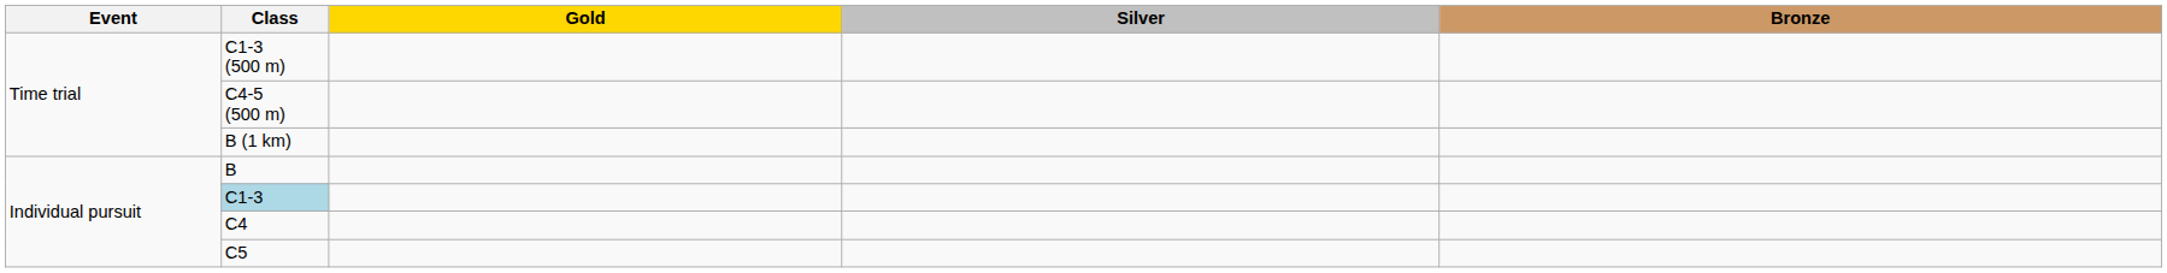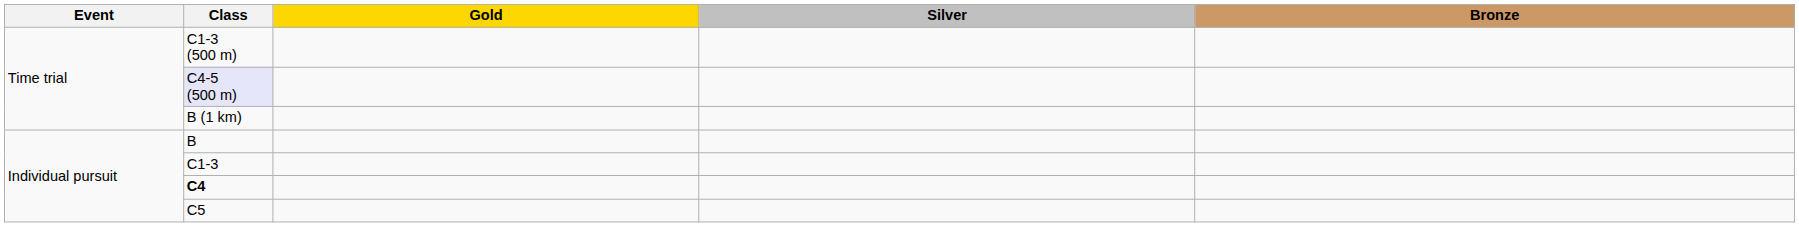 <table class=wikitable style="font-size:100%">
 <tr>
 <th rowspan="1" width="10%">Event</th>
 <th rowspan="1" width="5%">Class</th>
 <th rowspan="1" style="background:gold;">Gold</th>
 <th colspan="1" style="background:silver;">Silver</th>
 <th colspan="1" style="background:#CC9966;">Bronze</th>
 </tr>
 <tr>
 <td rowspan="3">Time trial<br></td>
 <td>C1-3 (500 m)</td>
 <td></td>
 <td></td>
 <td></td>
 </tr>
 <tr>
-<td>C4-5 (500 m)</td>
+<td style="background: lavender;">C4-5 (500 m)</td>
 <td></td>
 <td></td>
 <td></td>
 </tr>
 <tr>
 <td>B (1 km)</td>
 <td></td>
 <td></td>
 <td></td>
 </tr>
 <tr>
 <td rowspan="4">Individual pursuit<br></td>
 <td>B</td>
 <td></td>
 <td></td>
 <td></td>
 </tr>
 <tr>
-<td style="background: lightblue;">C1-3</td>
+<td>C1-3</td>
 <td></td>
 <td></td>
 <td></td>
 </tr>
 <tr>
-<td>C4</td>
+<td><strong>C4</strong></td>
 <td></td>
 <td></td>
 <td></td>
 </tr>
 <tr>
 <td>C5</td>
 <td></td>
 <td></td>
 <td></td>
 </tr>
 </table>
